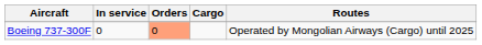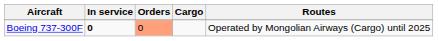 <table class="wikitable">
 <tr>
 <th>Aircraft</th>
 <th>In service</th>
 <th>Orders</th>
 <th>Cargo</th>
 <th>Routes</th>
 </tr>
 <tr>
 </tr>
 <tr>
 <td><a href='#'>Boeing 737-300F</a></td>
-<td>0</td>
+<td><strong>0</strong></td>
 <td style="background: lightsalmon;">0</td>
 <td></td>
 <td>Operated by Mongolian Airways (Cargo) until 2025</td>
 </tr>
 </table>
